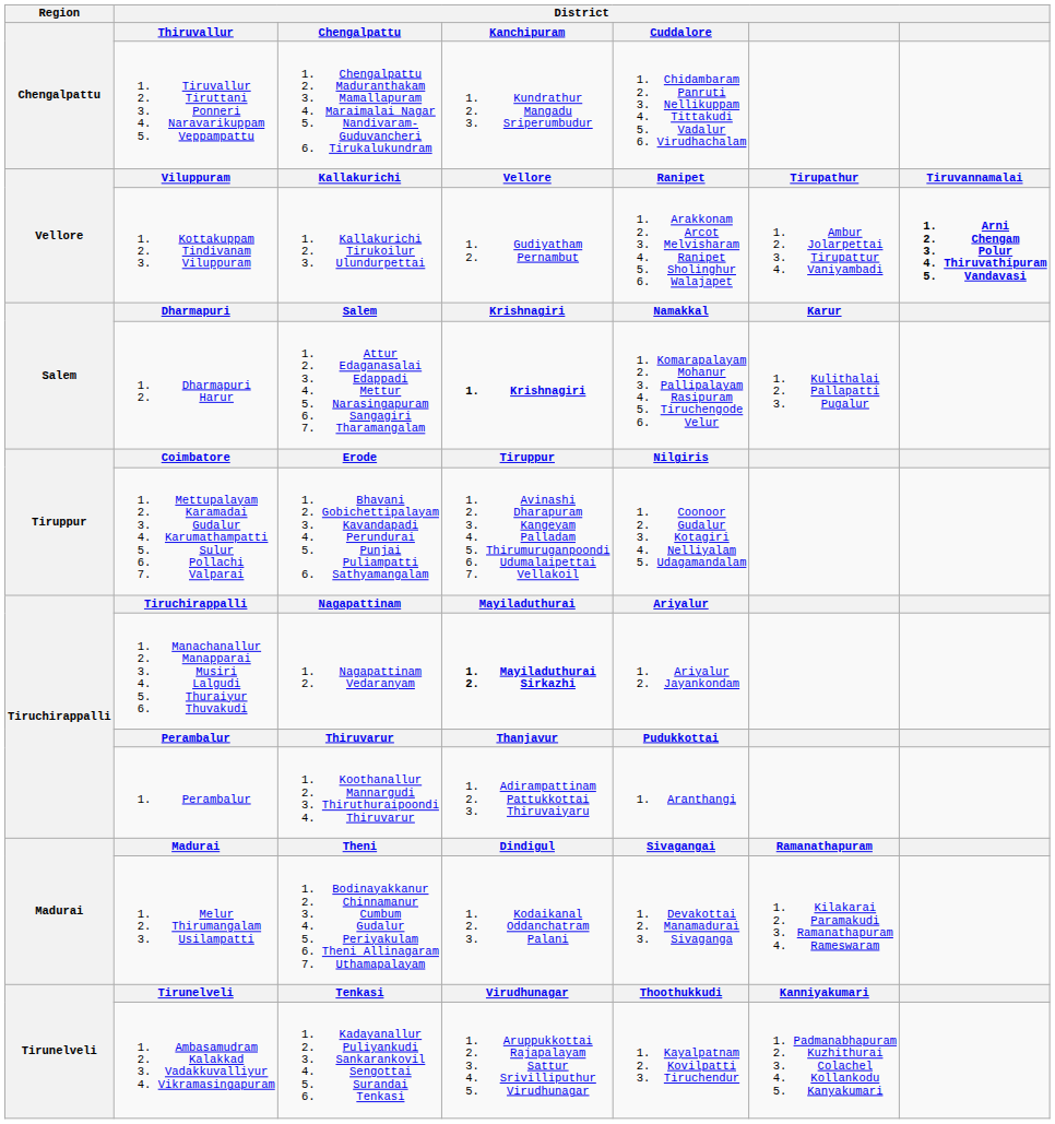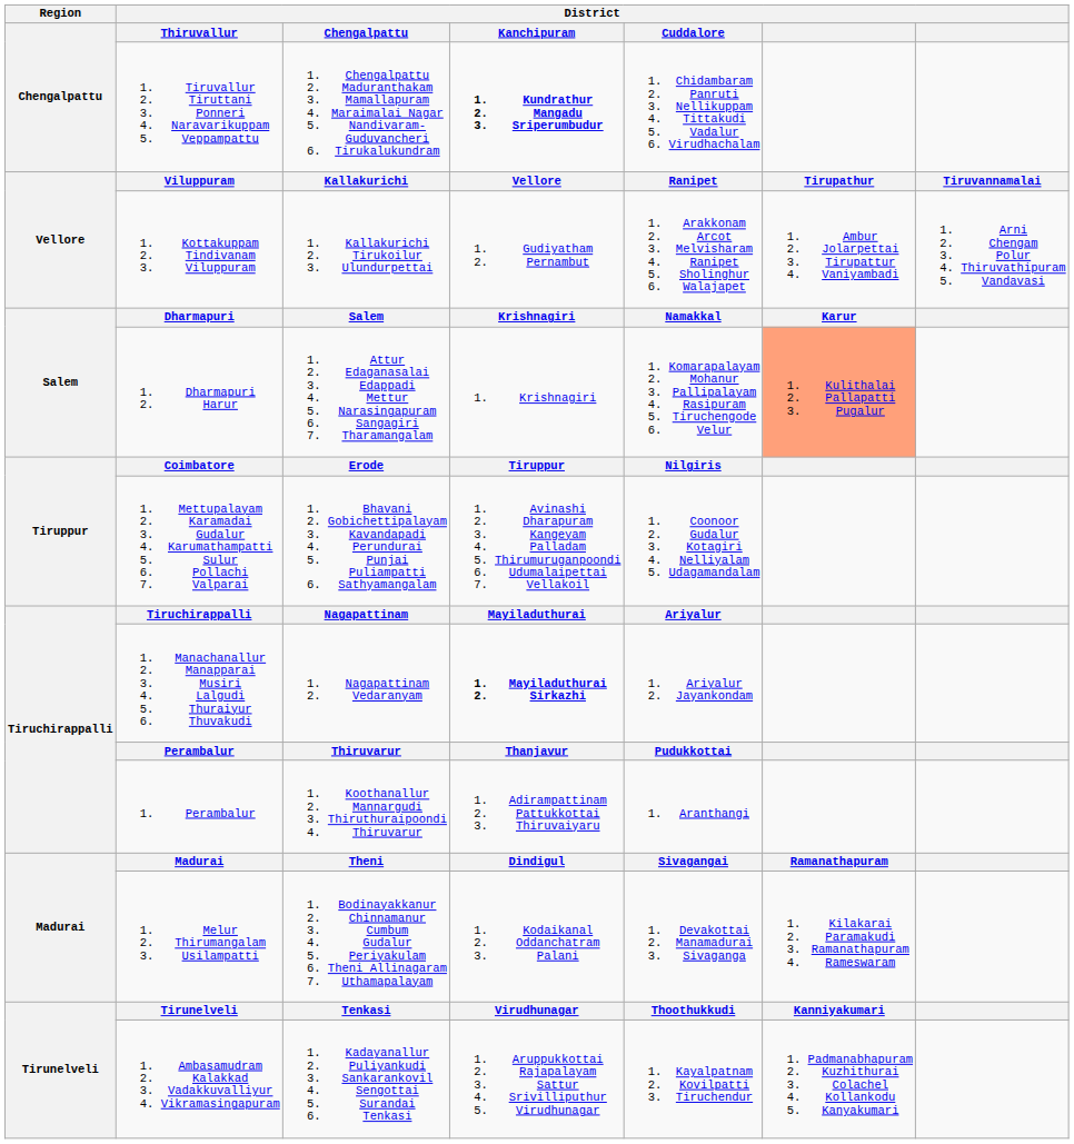 <table class="wikitable"style="font-size:85%; text-align:center;">
 <tr>
 <th>Region</th>
 <th colspan="6">District</th>
 </tr>
 <tr>
 <th rowspan="2">Chengalpattu</th>
 <th><a href='#'>Thiruvallur</a></th>
 <th><a href='#'>Chengalpattu</a></th>
 <th><a href='#'>Kanchipuram</a></th>
 <th><a href='#'>Cuddalore</a></th>
 <th></th>
 <th></th>
 </tr>
 <tr>
 <td><br><ol><li><a href='#'>Tiruvallur</a></li><li><a href='#'>Tiruttani</a></li><li><a href='#'>Ponneri</a></li><li><a href='#'>Naravarikuppam</a></li><li><a href='#'>Veppampattu</a></li></ol></td>
 <td><br><ol><li><a href='#'>Chengalpattu</a></li><li><a href='#'>Maduranthakam</a></li><li><a href='#'>Mamallapuram</a></li><li><a href='#'>Maraimalai Nagar</a></li><li><a href='#'>Nandivaram-Guduvancheri</a></li><li><a href='#'>Tirukalukundram</a></li></ol></td>
-<td><br><ol><li><a href='#'>Kundrathur</a></li><li><a href='#'>Mangadu</a></li><li><a href='#'>Sriperumbudur</a></li></ol></td>
+<td><strong><br><ol><li><a href='#'>Kundrathur</a></li><li><a href='#'>Mangadu</a></li><li><a href='#'>Sriperumbudur</a></li></ol></strong></td>
 <td><br><ol><li><a href='#'>Chidambaram</a></li><li><a href='#'>Panruti</a></li><li><a href='#'>Nellikuppam</a></li><li><a href='#'>Tittakudi</a></li><li><a href='#'>Vadalur</a></li><li><a href='#'>Virudhachalam</a></li></ol></td>
 <td></td>
 <td></td>
 </tr>
 <tr>
 <th rowspan="2">Vellore</th>
 <th><a href='#'>Viluppuram</a></th>
 <th><a href='#'>Kallakurichi</a></th>
 <th><a href='#'>Vellore</a></th>
 <th><a href='#'>Ranipet</a></th>
 <th><a href='#'>Tirupathur</a></th>
 <th><a href='#'>Tiruvannamalai</a></th>
 </tr>
 <tr>
 <td><br><ol><li><a href='#'>Kottakuppam</a></li><li><a href='#'>Tindivanam</a></li><li><a href='#'>Viluppuram</a></li></ol></td>
 <td><br><ol><li><a href='#'>Kallakurichi</a></li><li><a href='#'>Tirukoilur</a></li><li><a href='#'>Ulundurpettai</a></li></ol></td>
 <td><br><ol><li><a href='#'>Gudiyatham</a></li><li><a href='#'>Pernambut</a></li></ol></td>
 <td><br><ol><li><a href='#'>Arakkonam</a></li><li><a href='#'>Arcot</a></li><li><a href='#'>Melvisharam</a></li><li><a href='#'>Ranipet</a></li><li><a href='#'>Sholinghur</a></li><li><a href='#'>Walajapet</a></li></ol></td>
 <td><br><ol><li><a href='#'>Ambur</a></li><li><a href='#'>Jolarpettai</a></li><li><a href='#'>Tirupattur</a></li><li><a href='#'>Vaniyambadi</a></li></ol></td>
-<td><strong><br><ol><li><a href='#'>Arni</a></li><li><a href='#'>Chengam</a></li><li><a href='#'>Polur</a></li><li><a href='#'>Thiruvathipuram</a></li><li><a href='#'>Vandavasi</a></li></ol></strong></td>
+<td><br><ol><li><a href='#'>Arni</a></li><li><a href='#'>Chengam</a></li><li><a href='#'>Polur</a></li><li><a href='#'>Thiruvathipuram</a></li><li><a href='#'>Vandavasi</a></li></ol></td>
 </tr>
 <tr>
 <th rowspan="2">Salem</th>
 <th><a href='#'>Dharmapuri</a></th>
 <th><a href='#'>Salem</a></th>
 <th><a href='#'>Krishnagiri</a></th>
 <th><a href='#'>Namakkal</a></th>
 <th><a href='#'>Karur</a></th>
 <th></th>
 </tr>
 <tr>
 <td><br><ol><li><a href='#'>Dharmapuri</a></li><li><a href='#'>Harur</a></li></ol></td>
 <td><br><ol><li><a href='#'>Attur</a></li><li><a href='#'>Edaganasalai</a></li><li><a href='#'>Edappadi</a></li><li><a href='#'>Mettur</a></li><li><a href='#'>Narasingapuram</a></li><li><a href='#'>Sangagiri</a></li><li><a href='#'>Tharamangalam</a></li></ol></td>
-<td><strong><br><ol><li><a href='#'>Krishnagiri</a></li></ol></strong></td>
+<td><br><ol><li><a href='#'>Krishnagiri</a></li></ol></td>
 <td><br><ol><li><a href='#'>Komarapalayam</a></li><li><a href='#'>Mohanur</a></li><li><a href='#'>Pallipalayam</a></li><li><a href='#'>Rasipuram</a></li><li><a href='#'>Tiruchengode</a></li><li><a href='#'>Velur</a></li></ol></td>
-<td><br><ol><li><a href='#'>Kulithalai</a></li><li><a href='#'>Pallapatti</a></li><li><a href='#'>Pugalur</a></li></ol></td>
+<td style="background: lightsalmon;"><br><ol><li><a href='#'>Kulithalai</a></li><li><a href='#'>Pallapatti</a></li><li><a href='#'>Pugalur</a></li></ol></td>
 <td></td>
 </tr>
 <tr>
 <th rowspan="2">Tiruppur</th>
 <th><a href='#'>Coimbatore</a></th>
 <th><a href='#'>Erode</a></th>
 <th><a href='#'>Tiruppur</a></th>
 <th><a href='#'>Nilgiris</a></th>
 <th></th>
 <th></th>
 </tr>
 <tr>
 <td><br><ol><li><a href='#'>Mettupalayam</a></li><li><a href='#'>Karamadai</a></li><li><a href='#'>Gudalur</a></li><li><a href='#'>Karumathampatti</a></li><li><a href='#'>Sulur</a></li><li><a href='#'>Pollachi</a></li><li><a href='#'>Valparai</a></li></ol></td>
 <td><br><ol><li><a href='#'>Bhavani</a></li><li><a href='#'>Gobichettipalayam</a></li><li><a href='#'>Kavandapadi</a></li><li><a href='#'>Perundurai</a></li><li><a href='#'>Punjai Puliampatti</a></li><li><a href='#'>Sathyamangalam</a></li></ol></td>
 <td><br><ol><li><a href='#'>Avinashi</a></li><li><a href='#'>Dharapuram</a></li><li><a href='#'>Kangeyam</a></li><li><a href='#'>Palladam</a></li><li><a href='#'>Thirumuruganpoondi</a></li><li><a href='#'>Udumalaipettai</a></li><li><a href='#'>Vellakoil</a></li></ol></td>
 <td><br><ol><li><a href='#'>Coonoor</a></li><li><a href='#'>Gudalur</a></li><li><a href='#'>Kotagiri</a></li><li><a href='#'>Nelliyalam</a></li><li><a href='#'>Udagamandalam</a></li></ol></td>
 <td></td>
 <td></td>
 </tr>
 <tr>
 <th rowspan="4">Tiruchirappalli</th>
 <th><a href='#'>Tiruchirappalli</a></th>
 <th><a href='#'>Nagapattinam</a></th>
 <th><a href='#'>Mayiladuthurai</a></th>
 <th><a href='#'>Ariyalur</a></th>
 <th></th>
 <th></th>
 </tr>
 <tr>
 <td><br><ol><li><a href='#'>Manachanallur</a></li><li><a href='#'>Manapparai</a></li><li><a href='#'>Musiri</a></li><li><a href='#'>Lalgudi</a></li><li><a href='#'>Thuraiyur</a></li><li><a href='#'>Thuvakudi</a></li></ol></td>
 <td><br><ol><li><a href='#'>Nagapattinam</a></li><li><a href='#'>Vedaranyam</a></li></ol></td>
 <td><strong><br><ol><li><a href='#'>Mayiladuthurai</a></li><li><a href='#'>Sirkazhi</a></li></ol></strong></td>
 <td><br><ol><li><a href='#'>Ariyalur</a></li><li><a href='#'>Jayankondam</a></li></ol></td>
 <td></td>
 <td></td>
 </tr>
 <tr>
 <th><a href='#'>Perambalur</a></th>
 <th><a href='#'>Thiruvarur</a></th>
 <th><a href='#'>Thanjavur</a></th>
 <th><a href='#'>Pudukkottai</a></th>
 <th></th>
 <th></th>
 </tr>
 <tr>
 <td><br><ol><li><a href='#'>Perambalur</a></li></ol></td>
 <td><br><ol><li><a href='#'>Koothanallur</a></li><li><a href='#'>Mannargudi</a></li><li><a href='#'>Thiruthuraipoondi</a></li><li><a href='#'>Thiruvarur</a></li></ol></td>
 <td><br><ol><li><a href='#'>Adirampattinam</a></li><li><a href='#'>Pattukkottai</a></li><li><a href='#'>Thiruvaiyaru</a></li></ol></td>
 <td><br><ol><li><a href='#'>Aranthangi</a></li></ol></td>
 <td></td>
 <td></td>
 </tr>
 <tr>
 <th rowspan="2">Madurai</th>
 <th><a href='#'>Madurai</a></th>
 <th><a href='#'>Theni</a></th>
 <th><a href='#'>Dindigul</a></th>
 <th><a href='#'>Sivagangai</a></th>
 <th><a href='#'>Ramanathapuram</a></th>
 <th></th>
 </tr>
 <tr>
 <td><br><ol><li><a href='#'>Melur</a></li><li><a href='#'>Thirumangalam</a></li><li><a href='#'>Usilampatti</a></li></ol></td>
 <td><br><ol><li><a href='#'>Bodinayakkanur</a></li><li><a href='#'>Chinnamanur</a></li><li><a href='#'>Cumbum</a></li><li><a href='#'>Gudalur</a></li><li><a href='#'>Periyakulam</a></li><li><a href='#'>Theni Allinagaram</a></li><li><a href='#'>Uthamapalayam</a></li></ol></td>
 <td><br><ol><li><a href='#'>Kodaikanal</a></li><li><a href='#'>Oddanchatram</a></li><li><a href='#'>Palani</a></li></ol></td>
 <td><br><ol><li><a href='#'>Devakottai</a></li><li><a href='#'>Manamadurai</a></li><li><a href='#'>Sivaganga</a></li></ol></td>
 <td><br><ol><li><a href='#'>Kilakarai</a></li><li><a href='#'>Paramakudi</a></li><li><a href='#'>Ramanathapuram</a></li><li><a href='#'>Rameswaram</a></li></ol></td>
 <td></td>
 </tr>
 <tr>
 <th rowspan="2">Tirunelveli</th>
 <th><a href='#'>Tirunelveli</a></th>
 <th><a href='#'>Tenkasi</a></th>
 <th><a href='#'>Virudhunagar</a></th>
 <th><a href='#'>Thoothukkudi</a></th>
 <th><a href='#'>Kanniyakumari</a></th>
 <th></th>
 </tr>
 <tr>
 <td><br><ol><li><a href='#'>Ambasamudram</a></li><li><a href='#'>Kalakkad</a></li><li><a href='#'>Vadakkuvalliyur</a></li><li><a href='#'>Vikramasingapuram</a></li></ol></td>
 <td><br><ol><li><a href='#'>Kadayanallur</a></li><li><a href='#'>Puliyankudi</a></li><li><a href='#'>Sankarankovil</a></li><li><a href='#'>Sengottai</a></li><li><a href='#'>Surandai</a></li><li><a href='#'>Tenkasi</a></li></ol></td>
 <td><br><ol><li><a href='#'>Aruppukkottai</a></li><li><a href='#'>Rajapalayam</a></li><li><a href='#'>Sattur</a></li><li><a href='#'>Srivilliputhur</a></li><li><a href='#'>Virudhunagar</a></li></ol></td>
 <td><br><ol><li><a href='#'>Kayalpatnam</a></li><li><a href='#'>Kovilpatti</a></li><li><a href='#'>Tiruchendur</a></li></ol></td>
 <td><br><ol><li><a href='#'>Padmanabhapuram</a></li><li><a href='#'>Kuzhithurai</a></li><li><a href='#'>Colachel</a></li><li><a href='#'>Kollankodu</a></li><li><a href='#'>Kanyakumari</a></li></ol></td>
 <td></td>
 </tr>
 </table>
